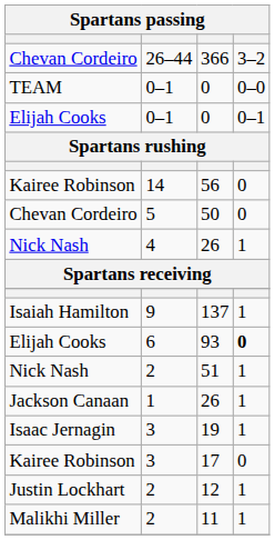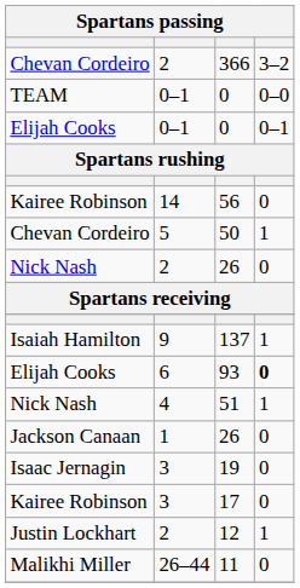 <table class="wikitable plainrowheaders">
 <tr>
 <th colspan="6">Spartans passing</th>
 </tr>
 <tr>
 <th scope="col"></th>
 <th scope="col"></th>
 <th scope="col"></th>
 <th scope="col"></th>
 </tr>
 <tr>
 <td><a href='#'>Chevan Cordeiro</a></td>
-<td>26–44</td>
+<td>2</td>
 <td>366</td>
 <td>3–2</td>
 </tr>
 <tr>
 <td>TEAM</td>
 <td>0–1</td>
 <td>0</td>
 <td>0–0</td>
 </tr>
 <tr>
 <td><a href='#'>Elijah Cooks</a></td>
 <td>0–1</td>
 <td>0</td>
 <td>0–1</td>
 </tr>
 <tr>
 <th colspan="6">Spartans rushing</th>
 </tr>
 <tr>
 <th scope="col"></th>
 <th scope="col"></th>
 <th scope="col"></th>
 <th scope="col"></th>
 </tr>
 <tr>
 <td>Kairee Robinson</td>
 <td>14</td>
 <td>56</td>
 <td>0</td>
 </tr>
 <tr>
 <td>Chevan Cordeiro</td>
 <td>5</td>
 <td>50</td>
-<td>0</td>
+<td>1</td>
 </tr>
 <tr>
 <td><a href='#'>Nick Nash</a></td>
-<td>4</td>
+<td>2</td>
 <td>26</td>
-<td>1</td>
+<td>0</td>
 </tr>
 <tr>
 <th colspan="6">Spartans receiving</th>
 </tr>
 <tr>
 </tr>
 <tr>
 <th scope="col"></th>
 <th scope="col"></th>
 <th scope="col"></th>
 <th scope="col"></th>
 </tr>
 <tr>
 <td>Isaiah Hamilton</td>
 <td>9</td>
 <td>137</td>
 <td>1</td>
 </tr>
 <tr>
 <td>Elijah Cooks</td>
 <td>6</td>
 <td>93</td>
 <td><strong>0</strong></td>
 </tr>
 <tr>
 <td>Nick Nash</td>
-<td>2</td>
+<td>4</td>
 <td>51</td>
 <td>1</td>
 </tr>
 <tr>
 <td>Jackson Canaan</td>
 <td>1</td>
 <td>26</td>
-<td>1</td>
+<td>0</td>
 </tr>
 <tr>
 <td>Isaac Jernagin</td>
 <td>3</td>
 <td>19</td>
-<td>1</td>
+<td>0</td>
 </tr>
 <tr>
 <td>Kairee Robinson</td>
 <td>3</td>
 <td>17</td>
 <td>0</td>
 </tr>
 <tr>
 <td>Justin Lockhart</td>
 <td>2</td>
 <td>12</td>
 <td>1</td>
 </tr>
 <tr>
 <td>Malikhi Miller</td>
-<td>2</td>
+<td>26–44</td>
 <td>11</td>
-<td>1</td>
+<td>0</td>
 </tr>
 <tr>
 </tr>
 </table>
